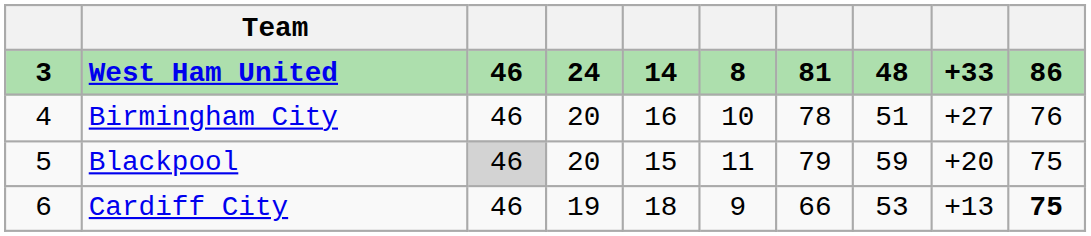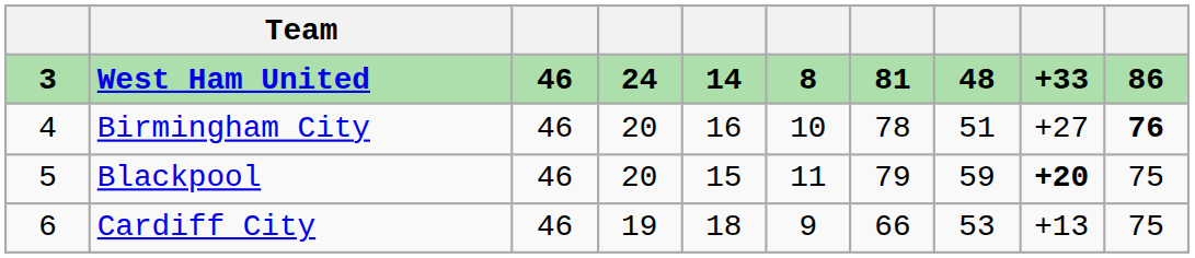 <table class="wikitable" style="text-align:center">
 <tr>
 <th width="30"></th>
 <th width="175">Team</th>
 <th width="30"></th>
 <th width="30"></th>
 <th width="30"></th>
 <th width="30"></th>
 <th width="30"></th>
 <th width="30"></th>
 <th width="30"></th>
 <th width="30"></th>
 </tr>
 <tr style="background:#addfad;">
 <td><strong>3</strong></td>
 <td align=left><strong><a href='#'>West Ham United</a></strong></td>
 <td><strong>46</strong></td>
 <td><strong>24</strong></td>
 <td><strong>14</strong></td>
 <td><strong>8</strong></td>
 <td><strong>81</strong></td>
 <td><strong>48</strong></td>
 <td><strong>+33</strong></td>
 <td><strong>86</strong></td>
 </tr>
 <tr>
 <td>4</td>
 <td align=left><a href='#'>Birmingham City</a></td>
 <td>46</td>
 <td>20</td>
 <td>16</td>
 <td>10</td>
 <td>78</td>
 <td>51</td>
 <td>+27</td>
-<td>76</td>
+<td><strong>76</strong></td>
 </tr>
 <tr>
 <td>5</td>
 <td align=left><a href='#'>Blackpool</a></td>
-<td style="background: lightgrey;">46</td>
+<td>46</td>
 <td>20</td>
 <td>15</td>
 <td>11</td>
 <td>79</td>
 <td>59</td>
-<td>+20</td>
+<td><strong>+20</strong></td>
 <td>75</td>
 </tr>
 <tr>
 <td>6</td>
 <td align=left><a href='#'>Cardiff City</a></td>
 <td>46</td>
 <td>19</td>
 <td>18</td>
 <td>9</td>
 <td>66</td>
 <td>53</td>
 <td>+13</td>
-<td><strong>75</strong></td>
+<td>75</td>
 </tr>
 </table>
